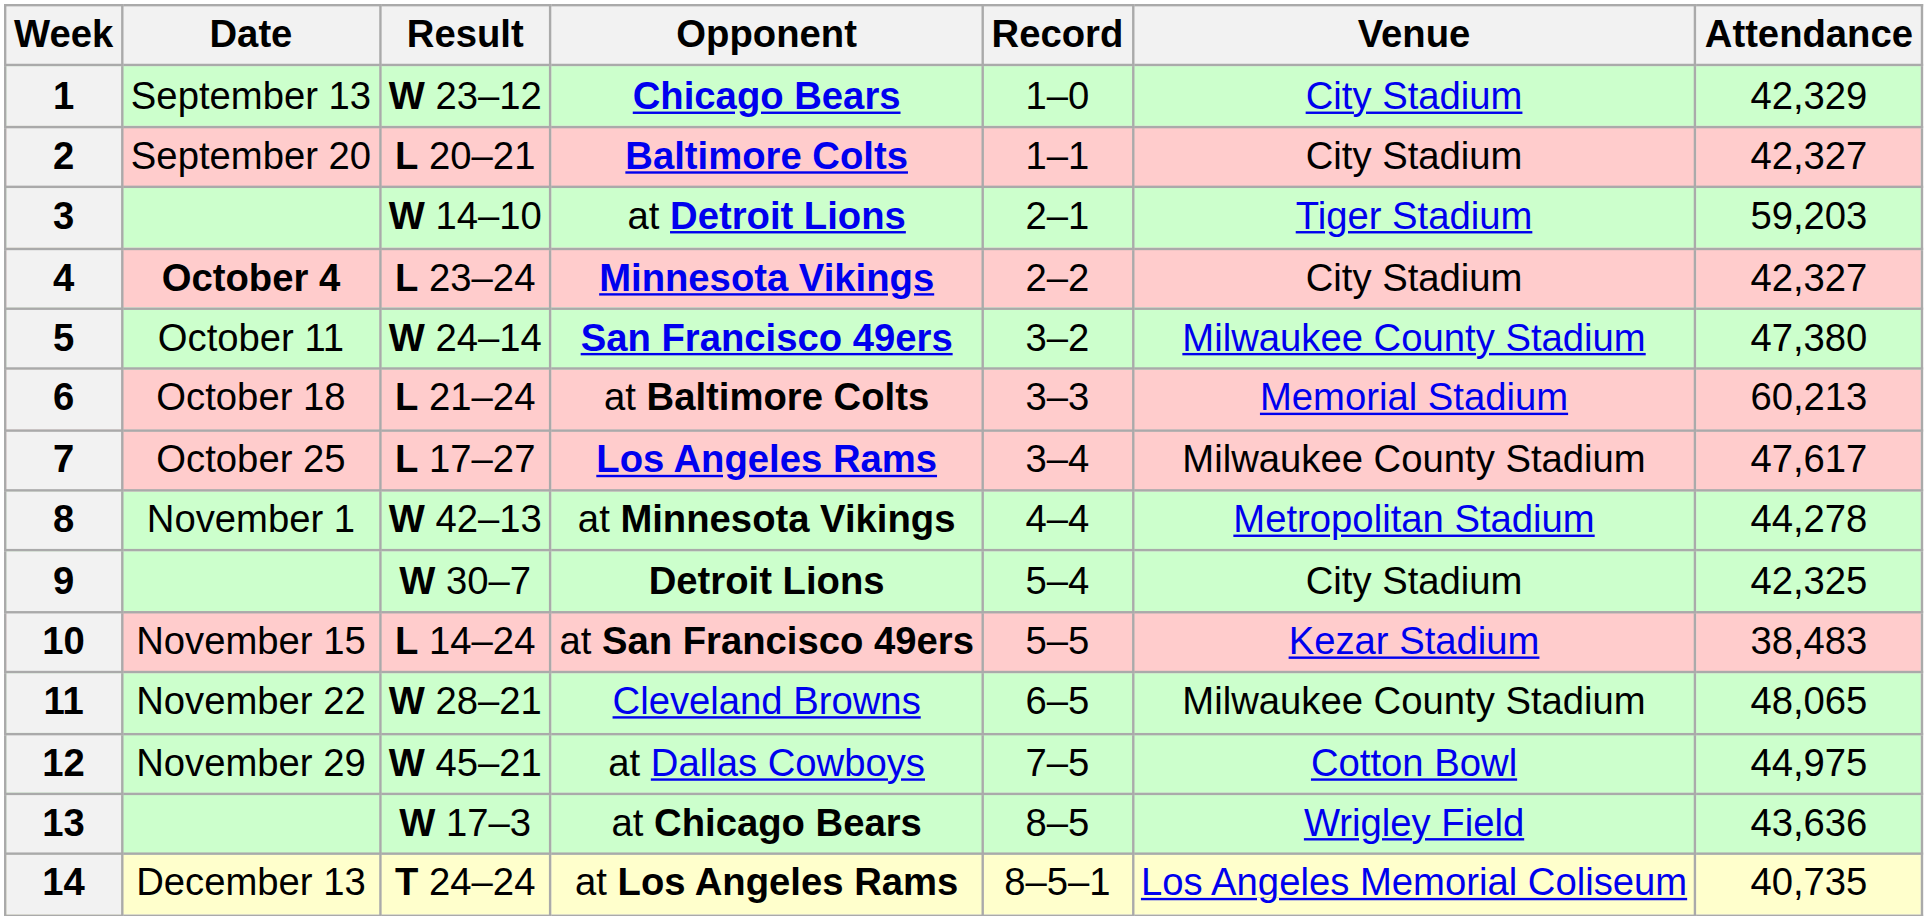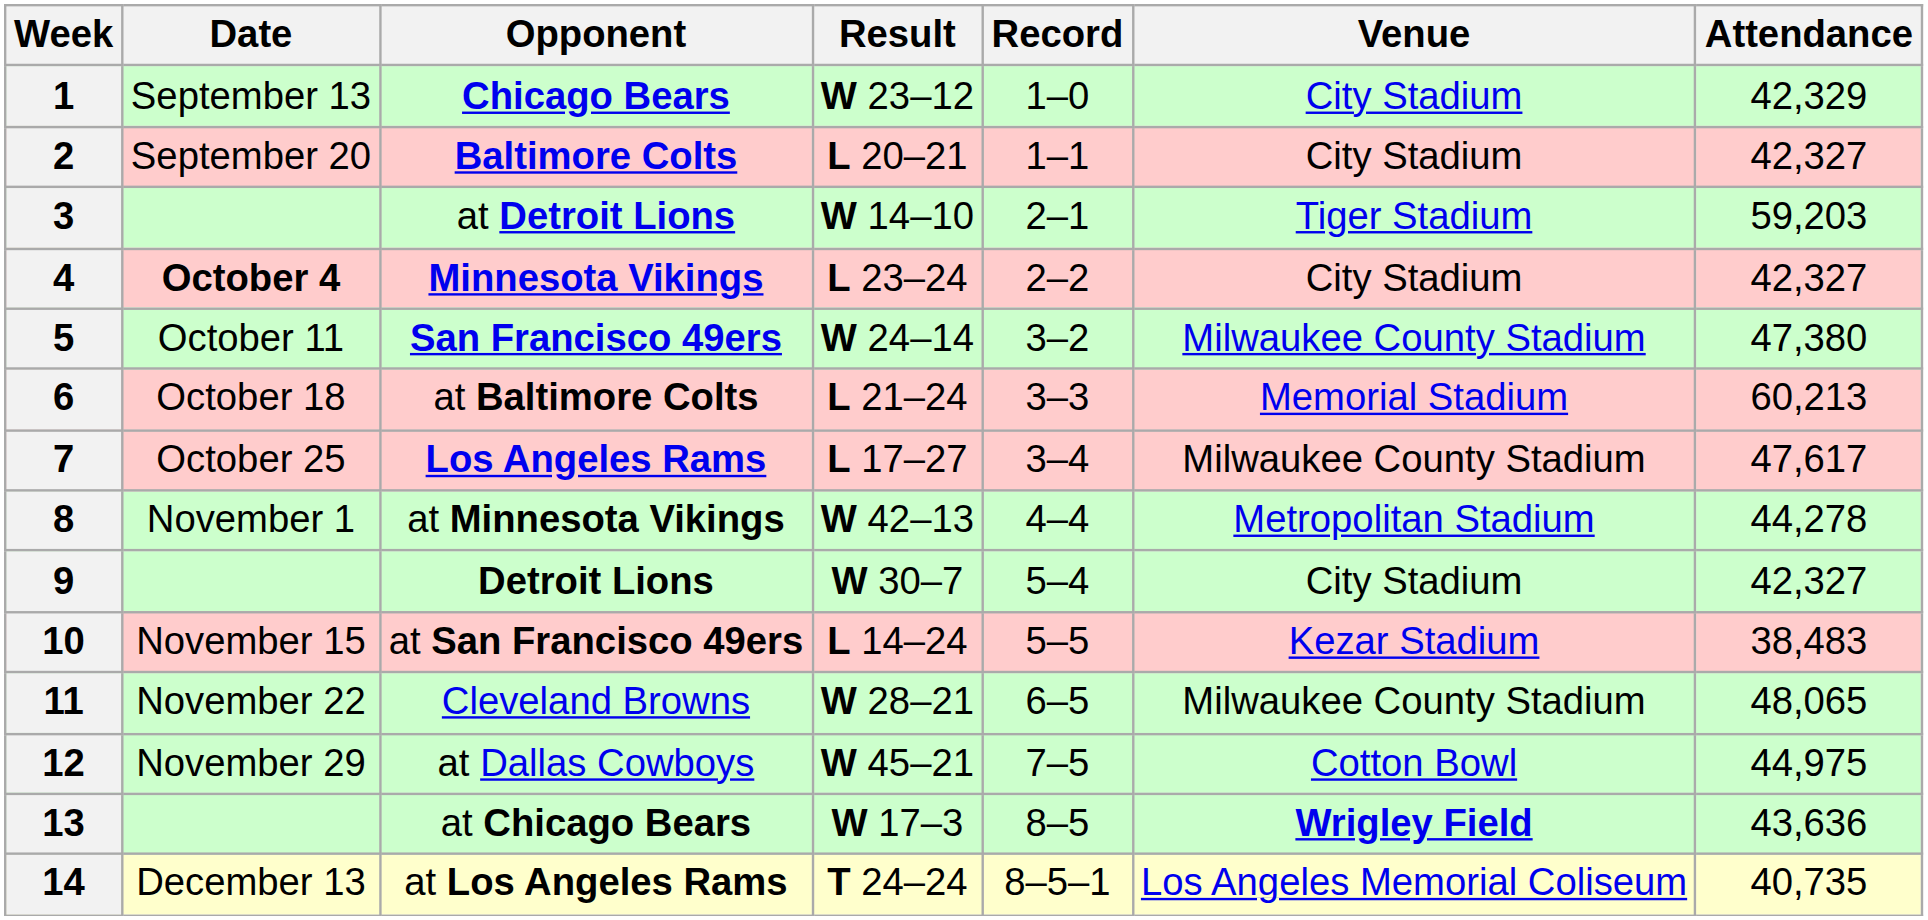 <table class="wikitable" style="text-align:center">
 <tr>
 <th>Week</th>
 <th>Date</th>
+<th>Opponent</th>
 <th>Result</th>
-<th>Opponent</th>
 <th>Record</th>
 <th>Venue</th>
 <th>Attendance</th>
 </tr>
 <tr style="background:#cfc">
 <th>1</th>
 <td>September 13</td>
+<td><strong><a href='#'>Chicago Bears</a></strong></td>
 <td><strong>W</strong> 23–12</td>
-<td><strong><a href='#'>Chicago Bears</a></strong></td>
 <td>1–0</td>
 <td><a href='#'>City Stadium</a></td>
 <td>42,329</td>
 </tr>
 <tr style="background:#fcc">
 <th>2</th>
 <td>September 20</td>
+<td><strong><a href='#'>Baltimore Colts</a></strong></td>
 <td><strong>L</strong> 20–21</td>
-<td><strong><a href='#'>Baltimore Colts</a></strong></td>
 <td>1–1</td>
 <td>City Stadium</td>
 <td>42,327</td>
 </tr>
 <tr style="background:#cfc">
 <th>3</th>
 <td></td>
+<td>at <strong><a href='#'>Detroit Lions</a></strong></td>
 <td><strong>W</strong> 14–10</td>
-<td>at <strong><a href='#'>Detroit Lions</a></strong></td>
 <td>2–1</td>
 <td><a href='#'>Tiger Stadium</a></td>
 <td>59,203</td>
 </tr>
 <tr style="background:#fcc">
 <th>4</th>
 <td><strong>October 4</strong></td>
+<td><strong><a href='#'>Minnesota Vikings</a></strong></td>
 <td><strong>L</strong> 23–24</td>
-<td><strong><a href='#'>Minnesota Vikings</a></strong></td>
 <td>2–2</td>
 <td>City Stadium</td>
 <td>42,327</td>
 </tr>
 <tr style="background:#cfc">
 <th>5</th>
 <td>October 11</td>
+<td><strong><a href='#'>San Francisco 49ers</a></strong></td>
 <td><strong>W</strong> 24–14</td>
-<td><strong><a href='#'>San Francisco 49ers</a></strong></td>
 <td>3–2</td>
 <td><a href='#'>Milwaukee County Stadium</a></td>
 <td>47,380</td>
 </tr>
 <tr style="background:#fcc">
 <th>6</th>
 <td>October 18</td>
+<td>at <strong>Baltimore Colts</strong></td>
 <td><strong>L</strong> 21–24</td>
-<td>at <strong>Baltimore Colts</strong></td>
 <td>3–3</td>
 <td><a href='#'>Memorial Stadium</a></td>
 <td>60,213</td>
 </tr>
 <tr style="background:#fcc">
 <th>7</th>
 <td>October 25</td>
+<td><strong><a href='#'>Los Angeles Rams</a></strong></td>
 <td><strong>L</strong> 17–27</td>
-<td><strong><a href='#'>Los Angeles Rams</a></strong></td>
 <td>3–4</td>
 <td>Milwaukee County Stadium</td>
 <td>47,617</td>
 </tr>
 <tr style="background:#cfc">
 <th>8</th>
 <td>November 1</td>
+<td>at <strong>Minnesota Vikings</strong></td>
 <td><strong>W</strong> 42–13</td>
-<td>at <strong>Minnesota Vikings</strong></td>
 <td>4–4</td>
 <td><a href='#'>Metropolitan Stadium</a></td>
 <td>44,278</td>
 </tr>
 <tr style="background:#cfc">
 <th>9</th>
 <td></td>
+<td><strong>Detroit Lions</strong></td>
 <td><strong>W</strong> 30–7</td>
-<td><strong>Detroit Lions</strong></td>
 <td>5–4</td>
 <td>City Stadium</td>
-<td>42,325</td>
+<td>42,327</td>
 </tr>
 <tr style="background:#fcc">
 <th>10</th>
 <td>November 15</td>
+<td>at <strong>San Francisco 49ers</strong></td>
 <td><strong>L</strong> 14–24</td>
-<td>at <strong>San Francisco 49ers</strong></td>
 <td>5–5</td>
 <td><a href='#'>Kezar Stadium</a></td>
 <td>38,483</td>
 </tr>
 <tr style="background:#cfc">
 <th>11</th>
 <td>November 22</td>
+<td><a href='#'>Cleveland Browns</a></td>
 <td><strong>W</strong> 28–21</td>
-<td><a href='#'>Cleveland Browns</a></td>
 <td>6–5</td>
 <td>Milwaukee County Stadium</td>
 <td>48,065</td>
 </tr>
 <tr style="background:#cfc">
 <th>12</th>
 <td>November 29</td>
+<td>at <a href='#'>Dallas Cowboys</a></td>
 <td><strong>W</strong> 45–21</td>
-<td>at <a href='#'>Dallas Cowboys</a></td>
 <td>7–5</td>
 <td><a href='#'>Cotton Bowl</a></td>
 <td>44,975</td>
 </tr>
 <tr style="background:#cfc">
 <th>13</th>
 <td></td>
+<td>at <strong>Chicago Bears</strong></td>
 <td><strong>W</strong> 17–3</td>
-<td>at <strong>Chicago Bears</strong></td>
 <td>8–5</td>
-<td><a href='#'>Wrigley Field</a></td>
+<td><strong><a href='#'>Wrigley Field</a></strong></td>
 <td>43,636</td>
 </tr>
 <tr style="background:#ffc">
 <th>14</th>
 <td>December 13</td>
+<td>at <strong>Los Angeles Rams</strong></td>
 <td><strong>T</strong> 24–24</td>
-<td>at <strong>Los Angeles Rams</strong></td>
 <td>8–5–1</td>
 <td><a href='#'>Los Angeles Memorial Coliseum</a></td>
 <td>40,735</td>
 </tr>
 </table>
